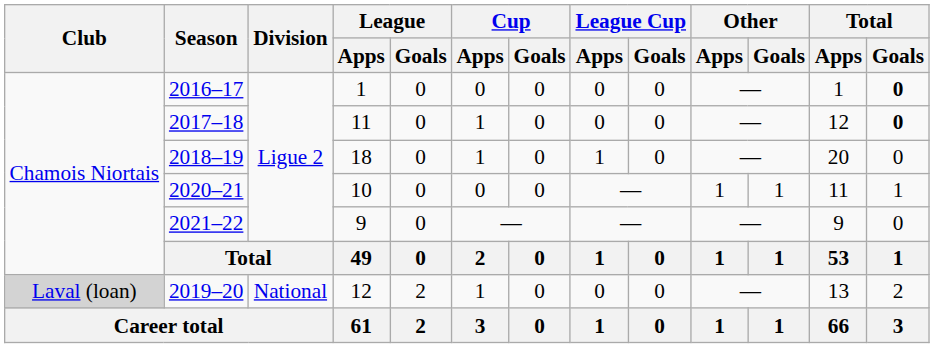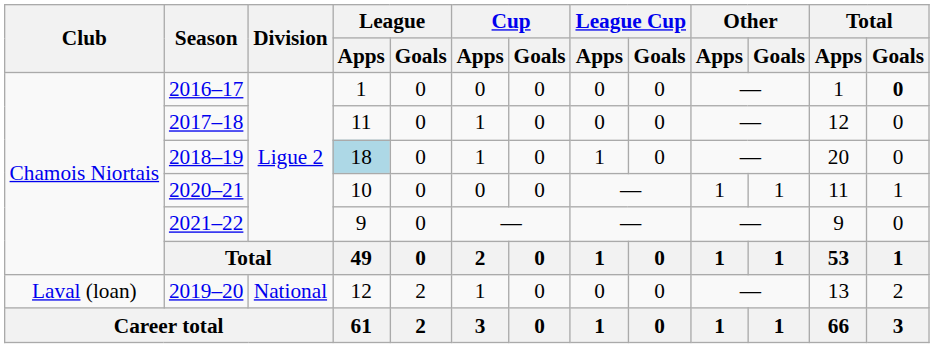 <table class="wikitable" style="text-align:center">
 <tr>
 <th rowspan="2">Club</th>
 <th rowspan="2">Season</th>
 <th rowspan="2">Division</th>
 <th colspan="2">League</th>
 <th colspan="2"><a href='#'>Cup</a></th>
 <th colspan="2"><a href='#'>League Cup</a></th>
 <th colspan="2">Other</th>
 <th colspan="2">Total</th>
 </tr>
 <tr>
 <th>Apps</th>
 <th>Goals</th>
 <th>Apps</th>
 <th>Goals</th>
 <th>Apps</th>
 <th>Goals</th>
 <th>Apps</th>
 <th>Goals</th>
 <th>Apps</th>
 <th>Goals</th>
 </tr>
 <tr>
 <td rowspan="6"><a href='#'>Chamois Niortais</a></td>
 <td><a href='#'>2016–17</a></td>
 <td rowspan="5"><a href='#'>Ligue 2</a></td>
 <td>1</td>
 <td>0</td>
 <td>0</td>
 <td>0</td>
 <td>0</td>
 <td>0</td>
 <td colspan="2">—</td>
 <td>1</td>
 <td><strong>0</strong></td>
 </tr>
 <tr>
 <td><a href='#'>2017–18</a></td>
 <td>11</td>
 <td>0</td>
 <td>1</td>
 <td>0</td>
 <td>0</td>
 <td>0</td>
 <td colspan="2">—</td>
 <td>12</td>
-<td><strong>0</strong></td>
+<td>0</td>
 </tr>
 <tr>
 <td><a href='#'>2018–19</a></td>
-<td>18</td>
+<td style="background: lightblue;">18</td>
 <td>0</td>
 <td>1</td>
 <td>0</td>
 <td>1</td>
 <td>0</td>
 <td colspan="2">—</td>
 <td>20</td>
 <td>0</td>
 </tr>
 <tr>
 <td><a href='#'>2020–21</a></td>
 <td>10</td>
 <td>0</td>
 <td>0</td>
 <td>0</td>
 <td colspan="2">—</td>
 <td>1</td>
 <td>1</td>
 <td>11</td>
 <td>1</td>
 </tr>
 <tr>
 <td><a href='#'>2021–22</a></td>
 <td>9</td>
 <td>0</td>
 <td colspan="2">—</td>
 <td colspan="2">—</td>
 <td colspan="2">—</td>
 <td>9</td>
 <td>0</td>
 </tr>
 <tr>
 <th colspan="2">Total</th>
 <th>49</th>
 <th>0</th>
 <th>2</th>
 <th>0</th>
 <th>1</th>
 <th>0</th>
 <th>1</th>
 <th>1</th>
 <th>53</th>
 <th>1</th>
 </tr>
 <tr>
-<td style="background: lightgrey;"><a href='#'>Laval</a> (loan)</td>
+<td><a href='#'>Laval</a> (loan)</td>
 <td><a href='#'>2019–20</a></td>
 <td><a href='#'>National</a></td>
 <td>12</td>
 <td>2</td>
 <td>1</td>
 <td>0</td>
 <td>0</td>
 <td>0</td>
 <td colspan="2">—</td>
 <td>13</td>
 <td>2</td>
 </tr>
 <tr>
 <th colspan="3">Career total</th>
 <th>61</th>
 <th>2</th>
 <th>3</th>
 <th>0</th>
 <th>1</th>
 <th>0</th>
 <th>1</th>
 <th>1</th>
 <th>66</th>
 <th>3</th>
 </tr>
 </table>
